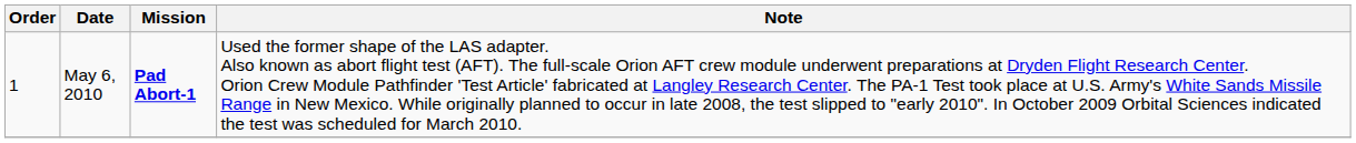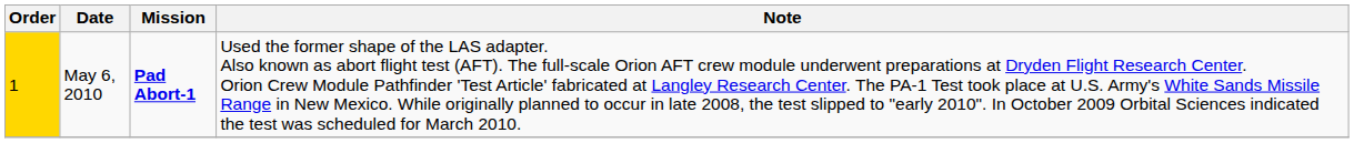 <table class="wikitable">
 <tr>
 <th>Order</th>
 <th>Date</th>
 <th>Mission</th>
 <th>Note</th>
 </tr>
 <tr>
-<td>1</td>
+<td style="background: gold;">1</td>
 <td>May 6, 2010</td>
 <td><strong><a href='#'>Pad Abort-1</a></strong></td>
 <td>Used the former shape of the LAS adapter.<br>Also known as abort flight test (AFT). The full-scale Orion AFT crew module underwent preparations at <a href='#'>Dryden Flight Research Center</a>. <br>Orion Crew Module Pathfinder 'Test Article' fabricated at <a href='#'>Langley Research Center</a>. The PA-1 Test took place at U.S. Army's <a href='#'>White Sands Missile Range</a> in New Mexico. While originally planned to occur in late 2008, the test slipped to "early 2010". In October 2009 Orbital Sciences indicated the test was scheduled for March 2010.</td>
 </tr>
 <tr>
 </tr>
 </table>
